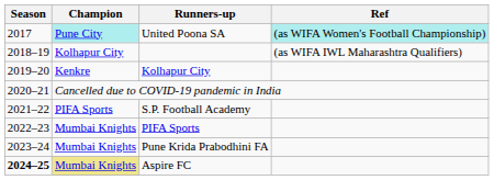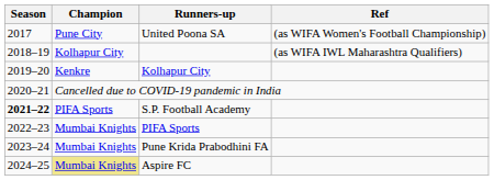 <table class="wikitable sortable" style="text-align:left;">
 <tr>
 <th>Season</th>
 <th>Champion</th>
 <th>Runners-up</th>
 <th>Ref</th>
 </tr>
 <tr>
 <td>2017</td>
-<td style="background: paleturquoise;"><a href='#'>Pune City</a></td>
+<td><a href='#'>Pune City</a></td>
 <td>United Poona SA</td>
-<td style="background: paleturquoise;">(as WIFA Women's Football Championship)</td>
+<td>(as WIFA Women's Football Championship)</td>
 </tr>
 <tr>
 <td>2018–19</td>
 <td><a href='#'>Kolhapur City</a></td>
 <td></td>
 <td>(as WIFA IWL Maharashtra Qualifiers)</td>
 </tr>
 <tr>
 <td>2019–20</td>
 <td><a href='#'>Kenkre</a></td>
 <td><a href='#'>Kolhapur City</a></td>
 <td></td>
 </tr>
 <tr>
 <td>2020–21</td>
 <td colspan=3><em>Cancelled due to COVID-19 pandemic in India</em></td>
 </tr>
 <tr>
-<td>2021–22</td>
+<td><strong>2021–22</strong></td>
 <td><a href='#'>PIFA Sports</a></td>
 <td>S.P. Football Academy</td>
 <td></td>
 </tr>
 <tr>
 <td>2022–23</td>
 <td><a href='#'>Mumbai Knights</a></td>
 <td><a href='#'>PIFA Sports</a></td>
 <td></td>
 </tr>
 <tr>
 <td>2023–24</td>
 <td><a href='#'>Mumbai Knights</a></td>
 <td>Pune Krida Prabodhini FA</td>
 <td></td>
 </tr>
 <tr>
-<td><strong>2024–25</strong></td>
+<td>2024–25</td>
 <td style="background: khaki;"><a href='#'>Mumbai Knights</a></td>
 <td>Aspire FC</td>
 <td></td>
 </tr>
 </table>
